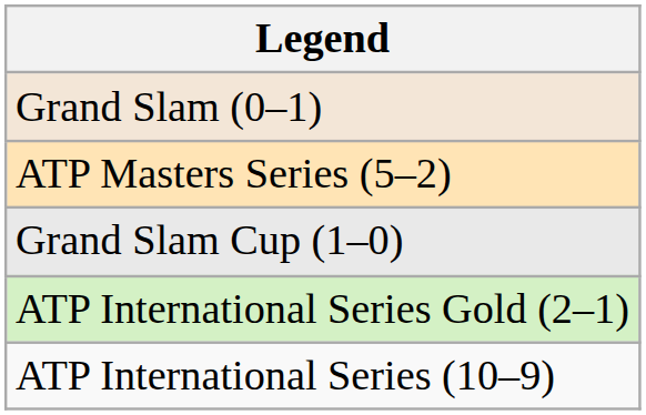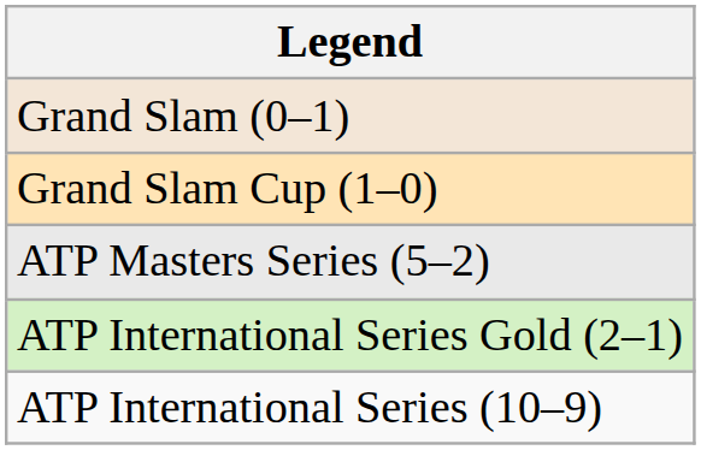 <table class="wikitable">
 <tr>
 <th>Legend</th>
 </tr>
 <tr bgcolor="f3e6d7">
 <td>Grand Slam (0–1)</td>
 </tr>
 <tr bgcolor="moccasin">
-<td>ATP Masters Series (5–2)</td>
+<td>Grand Slam Cup (1–0)</td>
 </tr>
 <tr bgcolor="e9e9e9">
-<td>Grand Slam Cup (1–0)</td>
+<td>ATP Masters Series (5–2)</td>
 </tr>
 <tr bgcolor="d4f1c5">
 <td>ATP International Series Gold (2–1)</td>
 </tr>
 <tr>
 <td>ATP International Series (10–9)</td>
 </tr>
 </table>
